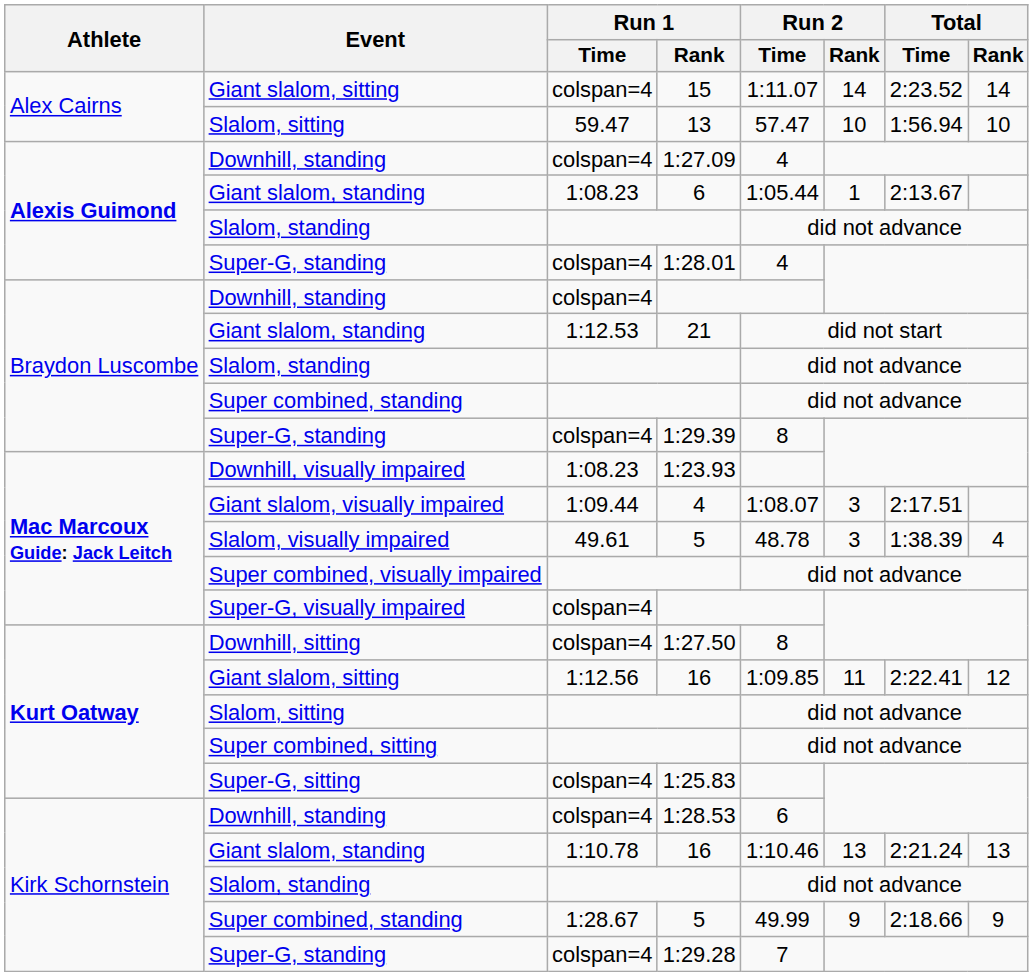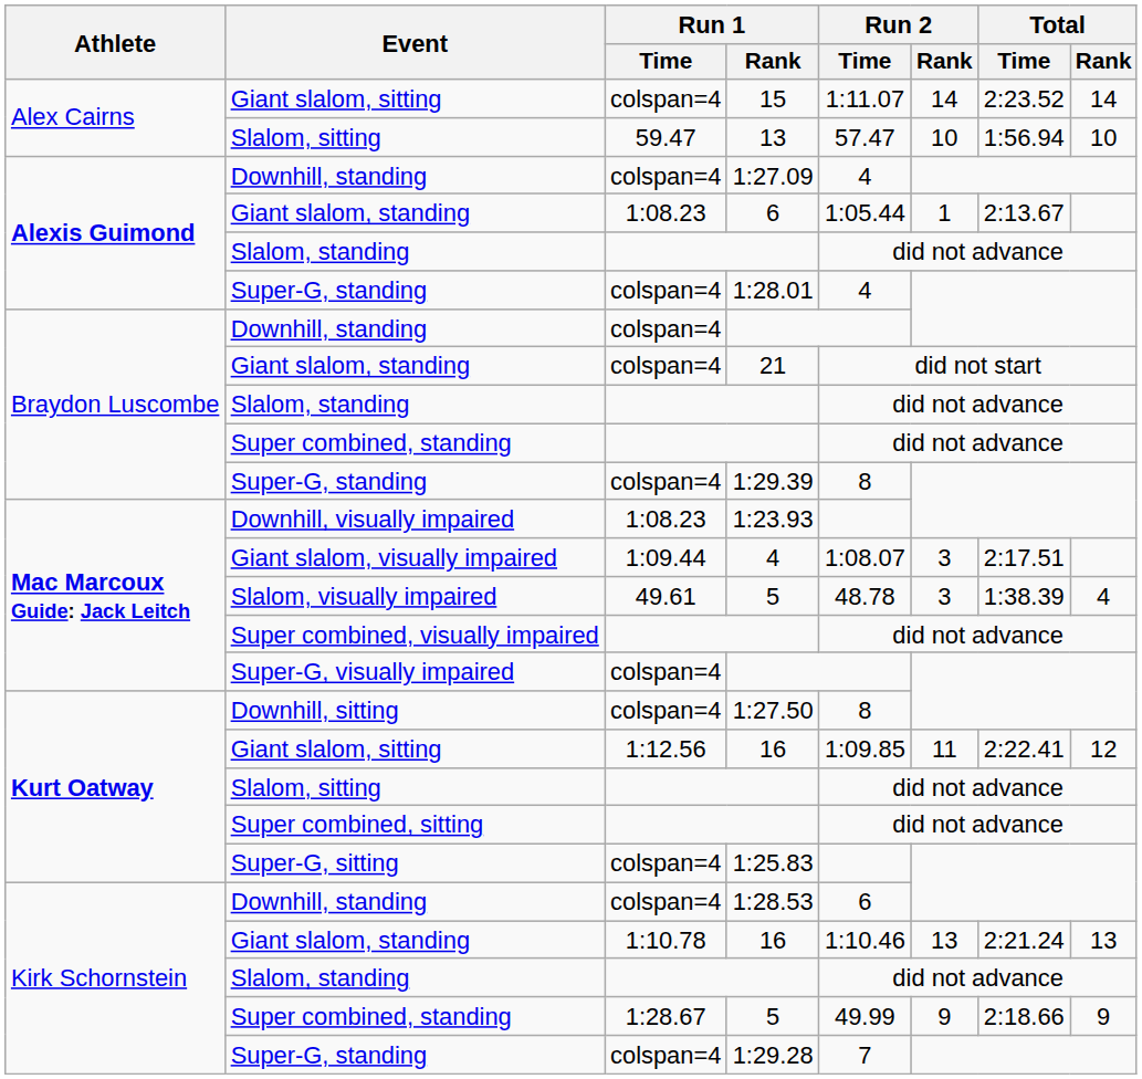 <table class="wikitable" style="font-size:90%">
 <tr>
 <th rowspan=2>Athlete</th>
 <th rowspan=2>Event</th>
 <th colspan=2>Run 1</th>
 <th colspan=2>Run 2</th>
 <th colspan=2>Total</th>
 </tr>
 <tr style="font-size:95%">
 <th>Time</th>
 <th>Rank</th>
 <th>Time</th>
 <th>Rank</th>
 <th>Time</th>
 <th>Rank</th>
 </tr>
 <tr align=center>
 <td align=left rowspan=2><a href='#'>Alex Cairns</a></td>
 <td align=left><a href='#'>Giant slalom, sitting</a></td>
 <td>colspan=4 </td>
 <td>15</td>
 <td>1:11.07</td>
 <td>14</td>
 <td>2:23.52</td>
 <td>14</td>
 </tr>
 <tr align=center>
 <td align=left><a href='#'>Slalom, sitting</a></td>
 <td>59.47</td>
 <td>13</td>
 <td>57.47</td>
 <td>10</td>
 <td>1:56.94</td>
 <td>10</td>
 </tr>
 <tr align=center>
 <td align=left rowspan=4><strong><a href='#'>Alexis Guimond</a></strong></td>
 <td align=left><a href='#'>Downhill, standing</a></td>
 <td>colspan=4 </td>
 <td>1:27.09</td>
 <td>4</td>
 </tr>
 <tr align=center>
 <td align=left><a href='#'>Giant slalom, standing</a></td>
 <td>1:08.23</td>
 <td>6</td>
 <td>1:05.44</td>
 <td>1</td>
 <td>2:13.67</td>
 <td></td>
 </tr>
 <tr align=center>
 <td align=left><a href='#'>Slalom, standing</a></td>
 <td colspan=2></td>
 <td colspan=4>did not advance</td>
 </tr>
 <tr align=center>
 <td align=left><a href='#'>Super-G, standing</a></td>
 <td>colspan=4 </td>
 <td>1:28.01</td>
 <td>4</td>
 </tr>
 <tr align=center>
 <td align=left rowspan=5><a href='#'>Braydon Luscombe</a></td>
 <td align=left><a href='#'>Downhill, standing</a></td>
 <td>colspan=4 </td>
 <td colspan=2></td>
 </tr>
 <tr align=center>
 <td align=left><a href='#'>Giant slalom, standing</a></td>
-<td>1:12.53</td>
+<td>colspan=4 </td>
 <td>21</td>
 <td colspan=4>did not start</td>
 </tr>
 <tr align=center>
 <td align=left><a href='#'>Slalom, standing</a></td>
 <td colspan=2></td>
 <td colspan=4>did not advance</td>
 </tr>
 <tr align=center>
 <td align=left><a href='#'>Super combined, standing</a></td>
 <td colspan=2></td>
 <td colspan=4>did not advance</td>
 </tr>
 <tr align=center>
 <td align=left><a href='#'>Super-G, standing</a></td>
 <td>colspan=4 </td>
 <td>1:29.39</td>
 <td>8</td>
 </tr>
 <tr align=center>
 <td align=left rowspan=5><strong><a href='#'>Mac Marcoux</a><br><small><a href='#'>Guide</a>: <a href='#'>Jack Leitch</a></small></strong></td>
 <td align=left><a href='#'>Downhill, visually impaired</a></td>
 <td>1:08.23</td>
 <td>1:23.93</td>
 <td></td>
 </tr>
 <tr align=center>
 <td align=left><a href='#'>Giant slalom, visually impaired</a></td>
 <td>1:09.44</td>
 <td>4</td>
 <td>1:08.07</td>
 <td>3</td>
 <td>2:17.51</td>
 <td></td>
 </tr>
 <tr align=center>
 <td align=left><a href='#'>Slalom, visually impaired</a></td>
 <td>49.61</td>
 <td>5</td>
 <td>48.78</td>
 <td>3</td>
 <td>1:38.39</td>
 <td>4</td>
 </tr>
 <tr align=center>
 <td align=left><a href='#'>Super combined, visually impaired</a></td>
 <td colspan=2></td>
 <td colspan=4>did not advance</td>
 </tr>
 <tr align=center>
 <td align=left><a href='#'>Super-G, visually impaired</a></td>
 <td>colspan=4 </td>
 <td colspan=2></td>
 </tr>
 <tr align=center>
 <td align=left rowspan=5><strong><a href='#'>Kurt Oatway</a></strong></td>
 <td align=left><a href='#'>Downhill, sitting</a></td>
 <td>colspan=4 </td>
 <td>1:27.50</td>
 <td>8</td>
 </tr>
 <tr align=center>
 <td align=left><a href='#'>Giant slalom, sitting</a></td>
 <td>1:12.56</td>
 <td>16</td>
 <td>1:09.85</td>
 <td>11</td>
 <td>2:22.41</td>
 <td>12</td>
 </tr>
 <tr align=center>
 <td align=left><a href='#'>Slalom, sitting</a></td>
 <td colspan=2></td>
 <td colspan=4>did not advance</td>
 </tr>
 <tr align=center>
 <td align=left><a href='#'>Super combined, sitting</a></td>
 <td colspan=2></td>
 <td colspan=4>did not advance</td>
 </tr>
 <tr align=center>
 <td align=left><a href='#'>Super-G, sitting</a></td>
 <td>colspan=4 </td>
 <td>1:25.83</td>
 <td></td>
 </tr>
 <tr align=center>
 <td align=left rowspan=5><a href='#'>Kirk Schornstein</a></td>
 <td align=left><a href='#'>Downhill, standing</a></td>
 <td>colspan=4 </td>
 <td>1:28.53</td>
 <td>6</td>
 </tr>
 <tr align=center>
 <td align=left><a href='#'>Giant slalom, standing</a></td>
 <td>1:10.78</td>
 <td>16</td>
 <td>1:10.46</td>
 <td>13</td>
 <td>2:21.24</td>
 <td>13</td>
 </tr>
 <tr align=center>
 <td align=left><a href='#'>Slalom, standing</a></td>
 <td colspan=2></td>
 <td colspan=4>did not advance</td>
 </tr>
 <tr align=center>
 <td align=left><a href='#'>Super combined, standing</a></td>
 <td>1:28.67</td>
 <td>5</td>
 <td>49.99</td>
 <td>9</td>
 <td>2:18.66</td>
 <td>9</td>
 </tr>
 <tr align=center>
 <td align=left><a href='#'>Super-G, standing</a></td>
 <td>colspan=4 </td>
 <td>1:29.28</td>
 <td>7</td>
 </tr>
 </table>
